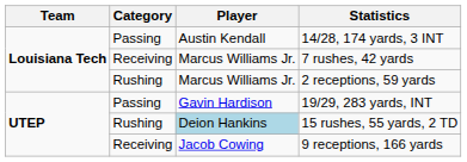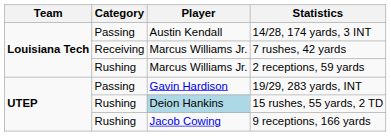 <table class="wikitable" style="float: right;">
 <tr>
 <th>Team</th>
 <th>Category</th>
 <th>Player</th>
 <th>Statistics</th>
 </tr>
 <tr>
 <td rowspan=3><strong>Louisiana Tech</strong></td>
 <td>Passing</td>
 <td>Austin Kendall</td>
 <td>14/28, 174 yards, 3 INT</td>
 </tr>
 <tr>
 <td>Receiving</td>
 <td>Marcus Williams Jr.</td>
 <td>7 rushes, 42 yards</td>
 </tr>
 <tr>
 <td>Rushing</td>
 <td>Marcus Williams Jr.</td>
 <td>2 receptions, 59 yards</td>
 </tr>
 <tr>
 <td rowspan=3><strong>UTEP</strong></td>
 <td>Passing</td>
 <td><a href='#'>Gavin Hardison</a></td>
 <td>19/29, 283 yards, INT</td>
 </tr>
 <tr>
 <td>Rushing</td>
 <td style="background: lightblue;">Deion Hankins</td>
 <td>15 rushes, 55 yards, 2 TD</td>
 </tr>
 <tr>
-<td>Receiving</td>
+<td>Rushing</td>
 <td><a href='#'>Jacob Cowing</a></td>
 <td>9 receptions, 166 yards</td>
 </tr>
 </table>
